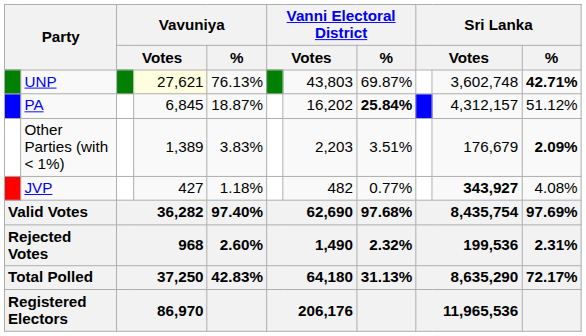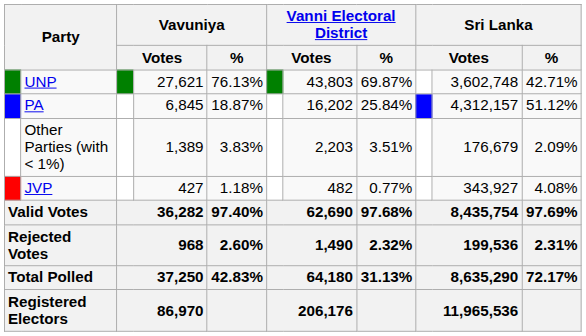 <table class="wikitable">
 <tr>
 <th colspan="2" width="144px"rowspan="2">Party</th>
 <th colspan="3" width="216px">Vavuniya</th>
 <th colspan="3" width="216px"><a href='#'>Vanni Electoral District</a></th>
 <th colspan="3" width="216px">Sri Lanka</th>
 </tr>
 <tr>
 <th colspan="2" width="144px">Votes</th>
 <th>%</th>
 <th colspan="2" width="144px">Votes</th>
 <th>%</th>
 <th colspan="2" width="144px">Votes</th>
 <th>%</th>
 </tr>
 <tr>
 <td style="background-color:green;" width="10px"></td>
 <td style="text-align:left;"><a href='#'>UNP</a></td>
 <td style="background-color:green;" width="10px"></td>
-<td style="background: lightyellow; text-align:right;">27,621</td>
+<td style="text-align:right;">27,621</td>
 <td style="text-align:right;">76.13%</td>
 <td style="background-color:green;" width="10px"></td>
 <td style="text-align:right;">43,803</td>
 <td style="text-align:right;">69.87%</td>
 <td style="background-color:white;" width="10px"></td>
 <td style="text-align:right;">3,602,748</td>
-<td style="text-align:right;"><strong>42.71%</strong></td>
+<td style="text-align:right;">42.71%</td>
 </tr>
 <tr>
 <td style="background-color:blue;" width="10px"></td>
 <td style="text-align:left;"><a href='#'>PA</a></td>
 <td style="background-color:white;" width="10px"></td>
 <td style="text-align:right;">6,845</td>
 <td style="text-align:right;">18.87%</td>
 <td style="background-color:white;" width="10px"></td>
 <td style="text-align:right;">16,202</td>
-<td style="text-align:right;"><strong>25.84%</strong></td>
+<td style="text-align:right;">25.84%</td>
 <td style="background-color:blue;" width="10px"></td>
 <td style="text-align:right;">4,312,157</td>
 <td style="text-align:right;">51.12%</td>
 </tr>
 <tr>
 <td style="background-color:white;" width="10px"></td>
 <td style="text-align:left;">Other Parties (with < 1%)</td>
 <td style="background-color:white;" width="10px"></td>
 <td style="text-align:right;">1,389</td>
 <td style="text-align:right;">3.83%</td>
 <td style="background-color:white;" width="10px"></td>
 <td style="text-align:right;">2,203</td>
 <td style="text-align:right;">3.51%</td>
 <td style="background-color:white;" width="10px"></td>
 <td style="text-align:right;">176,679</td>
-<td style="text-align:right;"><strong>2.09%</strong></td>
+<td style="text-align:right;">2.09%</td>
 </tr>
 <tr>
 <td style="background-color:red;" width="10px"></td>
 <td style="text-align:left;"><a href='#'>JVP</a></td>
 <td style="background-color:white;" width="10px"></td>
 <td style="text-align:right;">427</td>
 <td style="text-align:right;">1.18%</td>
 <td style="background-color:white;" width="10px"></td>
 <td style="text-align:right;">482</td>
 <td style="text-align:right;">0.77%</td>
 <td style="background-color:white;" width="10px"></td>
-<td style="text-align:right;"><strong>343,927</strong></td>
+<td style="text-align:right;">343,927</td>
 <td style="text-align:right;">4.08%</td>
 </tr>
 <tr>
 <th colspan="2" width="144px"style="text-align:left;">Valid Votes</th>
 <th style="text-align:right;"colspan="2" width="144px">36,282</th>
 <th style="text-align:right;">97.40%</th>
 <th style="text-align:right;"colspan="2" width="144px">62,690</th>
 <th style="text-align:right;">97.68%</th>
 <th style="text-align:right;"colspan="2" width="144px">8,435,754</th>
 <th style="text-align:right;">97.69%</th>
 </tr>
 <tr>
 <th colspan="2" width="144px"style="text-align:left;">Rejected Votes</th>
 <th style="text-align:right;"colspan="2" width="144px">968</th>
 <th style="text-align:right;">2.60%</th>
 <th style="text-align:right;"colspan="2" width="144px">1,490</th>
 <th style="text-align:right;">2.32%</th>
 <th style="text-align:right;"colspan="2" width="144px">199,536</th>
 <th style="text-align:right;">2.31%</th>
 </tr>
 <tr>
 <th colspan="2" width="144px"style="text-align:left;">Total Polled</th>
 <th style="text-align:right;"colspan="2" width="144px">37,250</th>
 <th style="text-align:right;">42.83%</th>
 <th style="text-align:right;"colspan="2" width="144px">64,180</th>
 <th style="text-align:right;">31.13%</th>
 <th style="text-align:right;"colspan="2" width="144px">8,635,290</th>
 <th style="text-align:right;">72.17%</th>
 </tr>
 <tr>
 <th colspan="2" width="144px"style="text-align:left;">Registered Electors</th>
 <th style="text-align:right;"colspan="2" width="144px">86,970</th>
 <th></th>
 <th style="text-align:right;"colspan="2" width="144px">206,176</th>
 <th></th>
 <th style="text-align:right;"colspan="2" width="144px">11,965,536</th>
 <th></th>
 </tr>
 </table>
